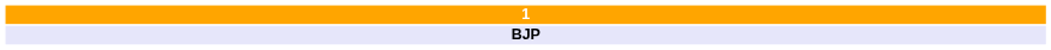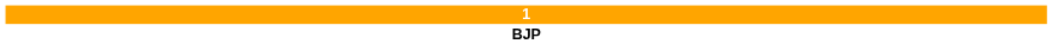 <table style="width:88%; text-align:center;">
 <tr style="color:white;">
 <td style="background:orange; width:100%%;"><strong>1</strong></td>
 </tr>
 <tr>
-<td style="background: lavender;"><span><strong>BJP</strong></span></td>
+<td><span><strong>BJP</strong></span></td>
 </tr>
 </table>
